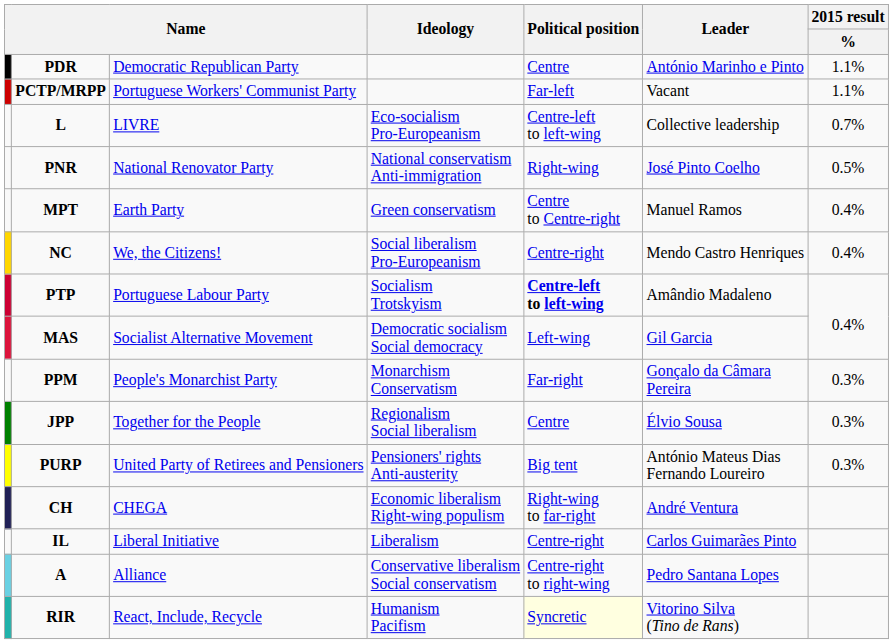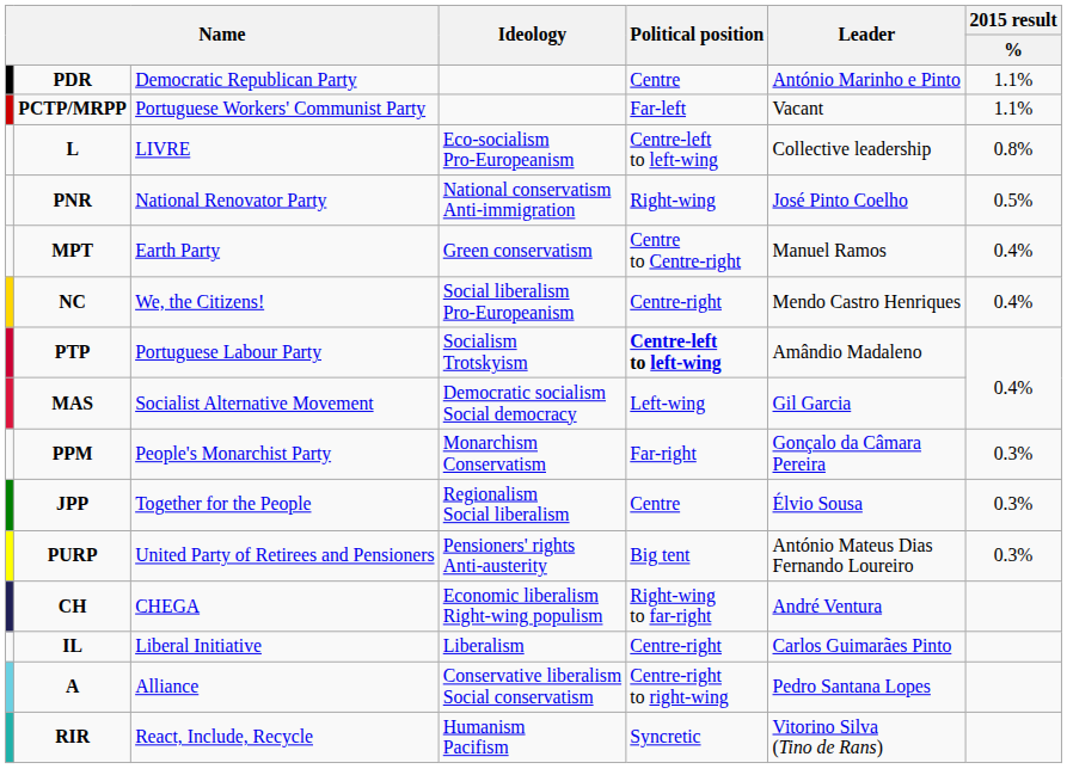 <table class="wikitable">
 <tr>
 <th rowspan="2" colspan="3">Name</th>
 <th rowspan="2">Ideology</th>
 <th rowspan="2">Political position</th>
 <th rowspan="2">Leader</th>
 <th colspan="2">2015 result</th>
 </tr>
 <tr>
 <th>%</th>
 </tr>
 <tr>
 <td style="background:black;"></td>
 <td style="text-align:center;"><strong>PDR</strong></td>
 <td><a href='#'>Democratic Republican Party</a><br></td>
 <td></td>
 <td><a href='#'>Centre</a></td>
 <td><a href='#'>António Marinho e Pinto</a></td>
 <td style="text-align:center;">1.1%</td>
 </tr>
 <tr>
 <td style="background:#cc0000;"></td>
 <td style="text-align:center;"><strong>PCTP/MRPP</strong></td>
 <td><a href='#'>Portuguese Workers' Communist Party</a><br></td>
 <td></td>
 <td><a href='#'>Far-left</a></td>
 <td>Vacant</td>
 <td style="text-align:center;">1.1%</td>
 </tr>
 <tr>
 <td style="background:"></td>
 <td style="text-align:center;"><strong>L</strong></td>
 <td><a href='#'>LIVRE</a><br></td>
 <td><a href='#'>Eco-socialism</a><br><a href='#'>Pro-Europeanism</a></td>
 <td><a href='#'>Centre-left</a><br> to <a href='#'>left-wing</a></td>
 <td>Collective leadership</td>
-<td style="text-align:center;">0.7%</td>
+<td style="text-align:center;">0.8%</td>
 </tr>
 <tr>
 <td style="background:"></td>
 <td style="text-align:center;"><strong>PNR</strong></td>
 <td><a href='#'>National Renovator Party</a><br></td>
 <td><a href='#'>National conservatism</a><br><a href='#'>Anti-immigration</a></td>
 <td><a href='#'>Right-wing</a></td>
 <td><a href='#'>José Pinto Coelho</a></td>
 <td style="text-align:center;">0.5%</td>
 </tr>
 <tr>
 <td style="background:"></td>
 <td style="text-align:center;"><strong>MPT</strong></td>
 <td><a href='#'>Earth Party</a><br></td>
 <td><a href='#'>Green conservatism</a></td>
 <td><a href='#'>Centre</a><br> to <a href='#'>Centre-right</a></td>
 <td>Manuel Ramos</td>
 <td style="text-align:center;">0.4%</td>
 </tr>
 <tr>
 <td style="background:gold;"></td>
 <td style="text-align:center;"><strong>NC</strong></td>
 <td><a href='#'>We, the Citizens!</a><br></td>
 <td><a href='#'>Social liberalism</a><br><a href='#'>Pro-Europeanism</a></td>
 <td><a href='#'>Centre-right</a></td>
 <td>Mendo Castro Henriques</td>
 <td style="text-align:center;">0.4%</td>
 </tr>
 <tr>
 <td style="background:#CC0033;"></td>
 <td style="text-align:center;"><strong>PTP</strong></td>
 <td><a href='#'>Portuguese Labour Party</a><br></td>
 <td><a href='#'>Socialism</a><br><a href='#'>Trotskyism</a></td>
 <td><strong><a href='#'>Centre-left</a><br>to <a href='#'>left-wing</a></strong></td>
 <td>Amândio Madaleno</td>
 <td rowspan="2" style="text-align:center;"><br>0.4%<br></td>
 </tr>
 <tr>
 <td style="background:crimson;"></td>
 <td style="text-align:center;"><strong>MAS</strong></td>
 <td><a href='#'>Socialist Alternative Movement</a><br></td>
 <td><a href='#'>Democratic socialism</a><br><a href='#'>Social democracy</a></td>
 <td><a href='#'>Left-wing</a></td>
 <td><a href='#'>Gil Garcia</a></td>
 </tr>
 <tr>
 <td style="background:"></td>
 <td style="text-align:center;"><strong>PPM</strong></td>
 <td><a href='#'>People's Monarchist Party</a><br></td>
 <td><a href='#'>Monarchism</a><br><a href='#'>Conservatism</a></td>
 <td><a href='#'>Far-right</a></td>
 <td><a href='#'>Gonçalo da Câmara<br>Pereira</a></td>
 <td style="text-align:center;">0.3%</td>
 </tr>
 <tr>
 <td style="background:green;"></td>
 <td style="text-align:center;"><strong>JPP</strong></td>
 <td><a href='#'>Together for the People</a><br></td>
 <td><a href='#'>Regionalism</a><br><a href='#'>Social liberalism</a></td>
 <td><a href='#'>Centre</a></td>
 <td><a href='#'>Élvio Sousa</a></td>
 <td style="text-align:center;">0.3%</td>
 </tr>
 <tr>
 <td style="background:yellow;"></td>
 <td style="text-align:center;"><strong>PURP</strong></td>
 <td><a href='#'>United Party of Retirees and Pensioners</a><br></td>
 <td><a href='#'>Pensioners' rights</a><br><a href='#'>Anti-austerity</a></td>
 <td><a href='#'>Big tent</a></td>
 <td>António Mateus Dias<br>Fernando Loureiro</td>
 <td style="text-align:center;">0.3%</td>
 </tr>
 <tr>
 <td style="background:#202056;"></td>
 <td style="text-align:center;"><strong>CH</strong></td>
 <td><a href='#'>CHEGA</a><br></td>
 <td><a href='#'>Economic liberalism</a><br><a href='#'>Right-wing populism</a></td>
 <td><a href='#'>Right-wing</a><br> to <a href='#'>far-right</a></td>
 <td><a href='#'>André Ventura</a></td>
 <td></td>
 </tr>
 <tr>
 <td style="background:"></td>
 <td style="text-align:center;"><strong>IL</strong></td>
 <td><a href='#'>Liberal Initiative</a><br></td>
 <td><a href='#'>Liberalism</a></td>
 <td><a href='#'>Centre-right</a></td>
 <td><a href='#'>Carlos Guimarães Pinto</a></td>
 <td></td>
 </tr>
 <tr>
 <td style="background:#6AD1E3;"></td>
 <td style="text-align:center;"><strong>A</strong></td>
 <td><a href='#'>Alliance</a><br></td>
 <td><a href='#'>Conservative liberalism</a><br><a href='#'>Social conservatism</a></td>
 <td><a href='#'>Centre-right</a><br>to <a href='#'>right-wing</a></td>
 <td><a href='#'>Pedro Santana Lopes</a></td>
 <td></td>
 </tr>
 <tr>
 <td style="background:LightSeaGreen;"></td>
 <td style="text-align:center;"><strong>RIR</strong></td>
 <td><a href='#'>React, Include, Recycle</a><br></td>
 <td><a href='#'>Humanism</a><br><a href='#'>Pacifism</a></td>
-<td style="background: lightyellow;"><a href='#'>Syncretic</a></td>
+<td><a href='#'>Syncretic</a></td>
 <td><a href='#'>Vitorino Silva</a><br>(<em>Tino de Rans</em>)</td>
 <td></td>
 </tr>
 </table>
